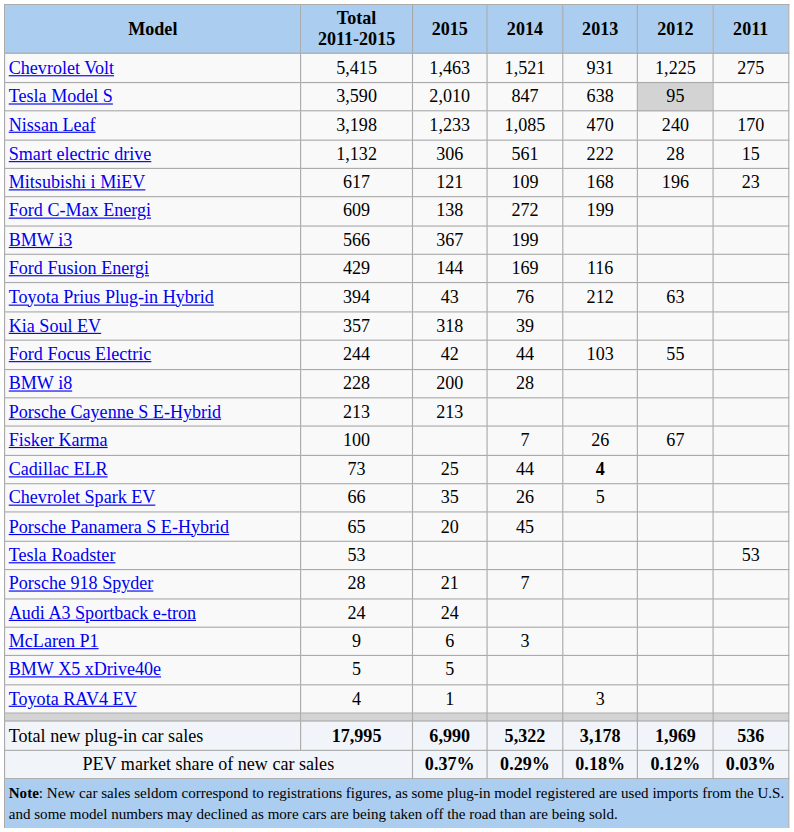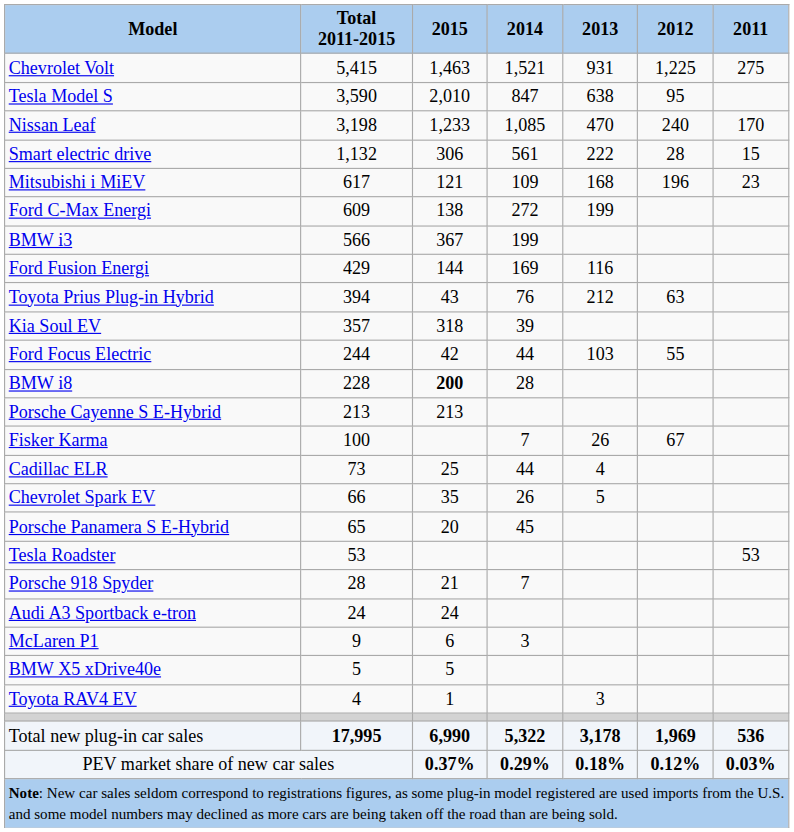 <table class="wikitable" style="align: left; ">
 <tr>
 <th style="background:#abcdef;">Model</th>
 <th style="background:#abcdef;">Total<br>2011-2015</th>
 <th style="background:#abcdef;">2015</th>
 <th style="background:#abcdef;">2014</th>
 <th style="background:#abcdef;">2013</th>
 <th style="background:#abcdef;">2012</th>
 <th style="background:#abcdef;">2011</th>
 </tr>
 <tr style="text-align:center;">
 <td align=left><a href='#'>Chevrolet Volt</a></td>
 <td>5,415</td>
 <td>1,463</td>
 <td>1,521</td>
 <td>931</td>
 <td>1,225</td>
 <td>275</td>
 </tr>
 <tr style="text-align:center;">
 <td align=left><a href='#'>Tesla Model S</a></td>
 <td>3,590</td>
 <td>2,010</td>
 <td>847</td>
 <td>638</td>
-<td style="background: lightgrey;">95</td>
+<td>95</td>
 <td> </td>
 </tr>
 <tr style="text-align:center;">
 <td align=left><a href='#'>Nissan Leaf</a></td>
 <td>3,198</td>
 <td>1,233</td>
 <td>1,085</td>
 <td>470</td>
 <td>240</td>
 <td>170</td>
 </tr>
 <tr style="text-align:center;">
 <td align=left><a href='#'>Smart electric drive</a></td>
 <td>1,132</td>
 <td>306</td>
 <td>561</td>
 <td>222</td>
 <td>28</td>
 <td>15</td>
 </tr>
 <tr style="text-align:center;">
 <td align=left><a href='#'>Mitsubishi i MiEV</a></td>
 <td>617</td>
 <td>121</td>
 <td>109</td>
 <td>168</td>
 <td>196</td>
 <td>23</td>
 </tr>
 <tr style="text-align:center;">
 <td align=left><a href='#'>Ford C-Max Energi</a></td>
 <td>609</td>
 <td>138</td>
 <td>272</td>
 <td>199</td>
 <td> </td>
 <td> </td>
 </tr>
 <tr style="text-align:center;">
 <td align=left><a href='#'>BMW i3</a></td>
 <td>566</td>
 <td>367</td>
 <td>199</td>
 <td> </td>
 <td> </td>
 <td> </td>
 </tr>
 <tr style="text-align:center;">
 <td align=left><a href='#'>Ford Fusion Energi</a></td>
 <td>429</td>
 <td>144</td>
 <td>169</td>
 <td>116</td>
 <td> </td>
 <td> </td>
 </tr>
 <tr style="text-align:center;">
 <td align=left><a href='#'>Toyota Prius Plug-in Hybrid</a></td>
 <td>394</td>
 <td>43</td>
 <td>76</td>
 <td>212</td>
 <td>63</td>
 <td> </td>
 </tr>
 <tr style="text-align:center;">
 <td align=left><a href='#'>Kia Soul EV</a></td>
 <td>357</td>
 <td>318</td>
 <td>39</td>
 <td> </td>
 <td> </td>
 <td> </td>
 </tr>
 <tr style="text-align:center;">
 <td align=left><a href='#'>Ford Focus Electric</a></td>
 <td>244</td>
 <td>42</td>
 <td>44</td>
 <td>103</td>
 <td>55</td>
 <td> </td>
 </tr>
 <tr style="text-align:center;">
 <td align=left><a href='#'>BMW i8</a></td>
 <td>228</td>
-<td>200</td>
+<td><strong>200</strong></td>
 <td>28</td>
 <td> </td>
 <td> </td>
 <td> </td>
 </tr>
 <tr style="text-align:center;">
 <td align=left><a href='#'>Porsche Cayenne S E-Hybrid</a></td>
 <td>213</td>
 <td>213</td>
 <td> </td>
 <td> </td>
 <td> </td>
 <td> </td>
 </tr>
 <tr style="text-align:center;">
 <td align=left><a href='#'>Fisker Karma</a></td>
 <td>100</td>
 <td> </td>
 <td>7</td>
 <td>26</td>
 <td>67</td>
 <td> </td>
 </tr>
 <tr style="text-align:center;">
 <td align=left><a href='#'>Cadillac ELR</a></td>
 <td>73</td>
 <td>25</td>
 <td>44</td>
-<td><strong>4</strong></td>
+<td>4</td>
 <td> </td>
 <td> </td>
 </tr>
 <tr style="text-align:center;">
 <td align=left><a href='#'>Chevrolet Spark EV</a></td>
 <td>66</td>
 <td>35</td>
 <td>26</td>
 <td>5</td>
 <td> </td>
 <td> </td>
 </tr>
 <tr style="text-align:center;">
 <td align=left><a href='#'>Porsche Panamera S E-Hybrid</a></td>
 <td>65</td>
 <td>20</td>
 <td>45</td>
 <td> </td>
 <td> </td>
 <td> </td>
 </tr>
 <tr style="text-align:center;">
 <td align=left><a href='#'>Tesla Roadster</a></td>
 <td>53</td>
 <td> </td>
 <td> </td>
 <td> </td>
 <td> </td>
 <td>53</td>
 </tr>
 <tr style="text-align:center;">
 <td align=left><a href='#'>Porsche 918 Spyder</a></td>
 <td>28</td>
 <td>21</td>
 <td>7</td>
 <td> </td>
 <td> </td>
 <td> </td>
 </tr>
 <tr style="text-align:center;">
 <td align=left><a href='#'>Audi A3 Sportback e-tron</a></td>
 <td>24</td>
 <td>24</td>
 <td></td>
 <td> </td>
 <td> </td>
 <td> </td>
 </tr>
 <tr style="text-align:center;">
 <td align=left><a href='#'>McLaren P1</a></td>
 <td>9</td>
 <td>6</td>
 <td>3</td>
 <td> </td>
 <td> </td>
 <td> </td>
 </tr>
 <tr style="text-align:center;">
 <td align=left><a href='#'>BMW X5 xDrive40e</a></td>
 <td>5</td>
 <td>5</td>
 <td> </td>
 <td> </td>
 <td> </td>
 <td> </td>
 </tr>
 <tr style="text-align:center;">
 <td align=left><a href='#'>Toyota RAV4 EV</a></td>
 <td>4</td>
 <td>1</td>
 <td> </td>
 <td>3</td>
 <td> </td>
 <td> <br></td>
 </tr>
 <tr style="background:lightgrey;">
 <td></td>
 <td></td>
 <td></td>
 <td></td>
 <td></td>
 <td></td>
 <td></td>
 </tr>
 <tr style="text-align:center; background:#f1f5fa;">
 <td style="text-align:left; ">Total new plug-in car sales</td>
 <td style="background:#f1f5fa;"><strong>17,995</strong></td>
 <td style="background:#f1f5fa;"><strong>6,990</strong></td>
 <td style="background:#f1f5fa;"><strong>5,322</strong></td>
 <td style="background:#f1f5fa;"><strong>3,178</strong></td>
 <td style="background:#f1f5fa;"><strong>1,969</strong></td>
 <td style="background:#f1f5fa;"><strong>536</strong></td>
 </tr>
 <tr style="text-align:center; background:#f1f5fa;">
 <td colspan="2">PEV market share of new car sales</td>
 <td style="background:#f1f5fa;"><strong>0.37%</strong></td>
 <td style="background:#f1f5fa;"><strong>0.29%</strong></td>
 <td style="background:#f1f5fa;"><strong>0.18%</strong></td>
 <td style="background:#f1f5fa;"><strong>0.12%</strong></td>
 <td style="background:#f1f5fa;"><strong>0.03%</strong></td>
 </tr>
 <tr>
 <td colspan="7" style="text-align:left; background:#abcdef;"><small><strong>Note</strong>: New car sales seldom correspond to registrations figures, as some plug-in model registered are used imports from the U.S. <br>and some model numbers may declined as more cars are being taken off the road than are being sold.</small></td>
 </tr>
 </table>
